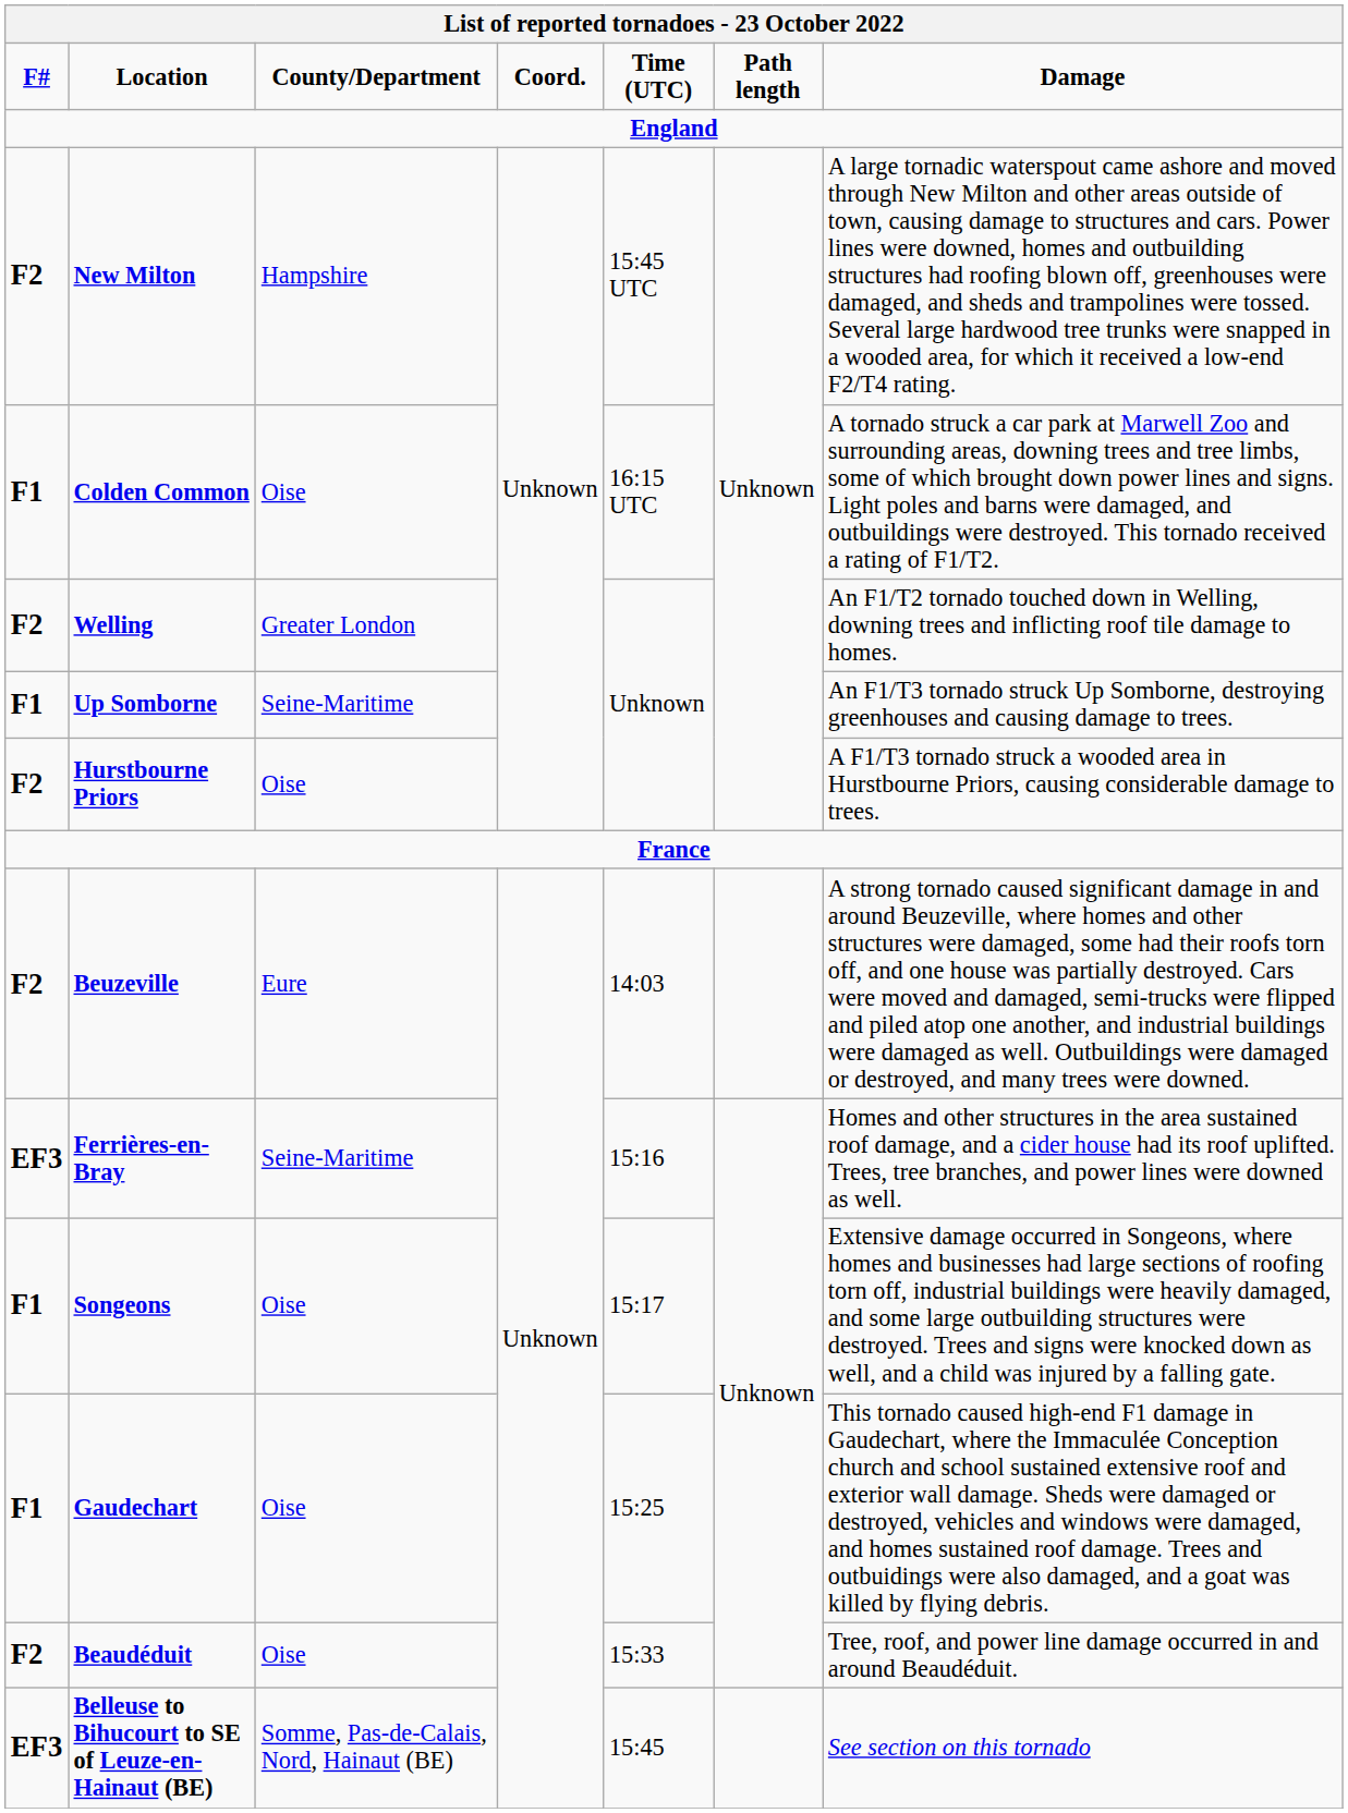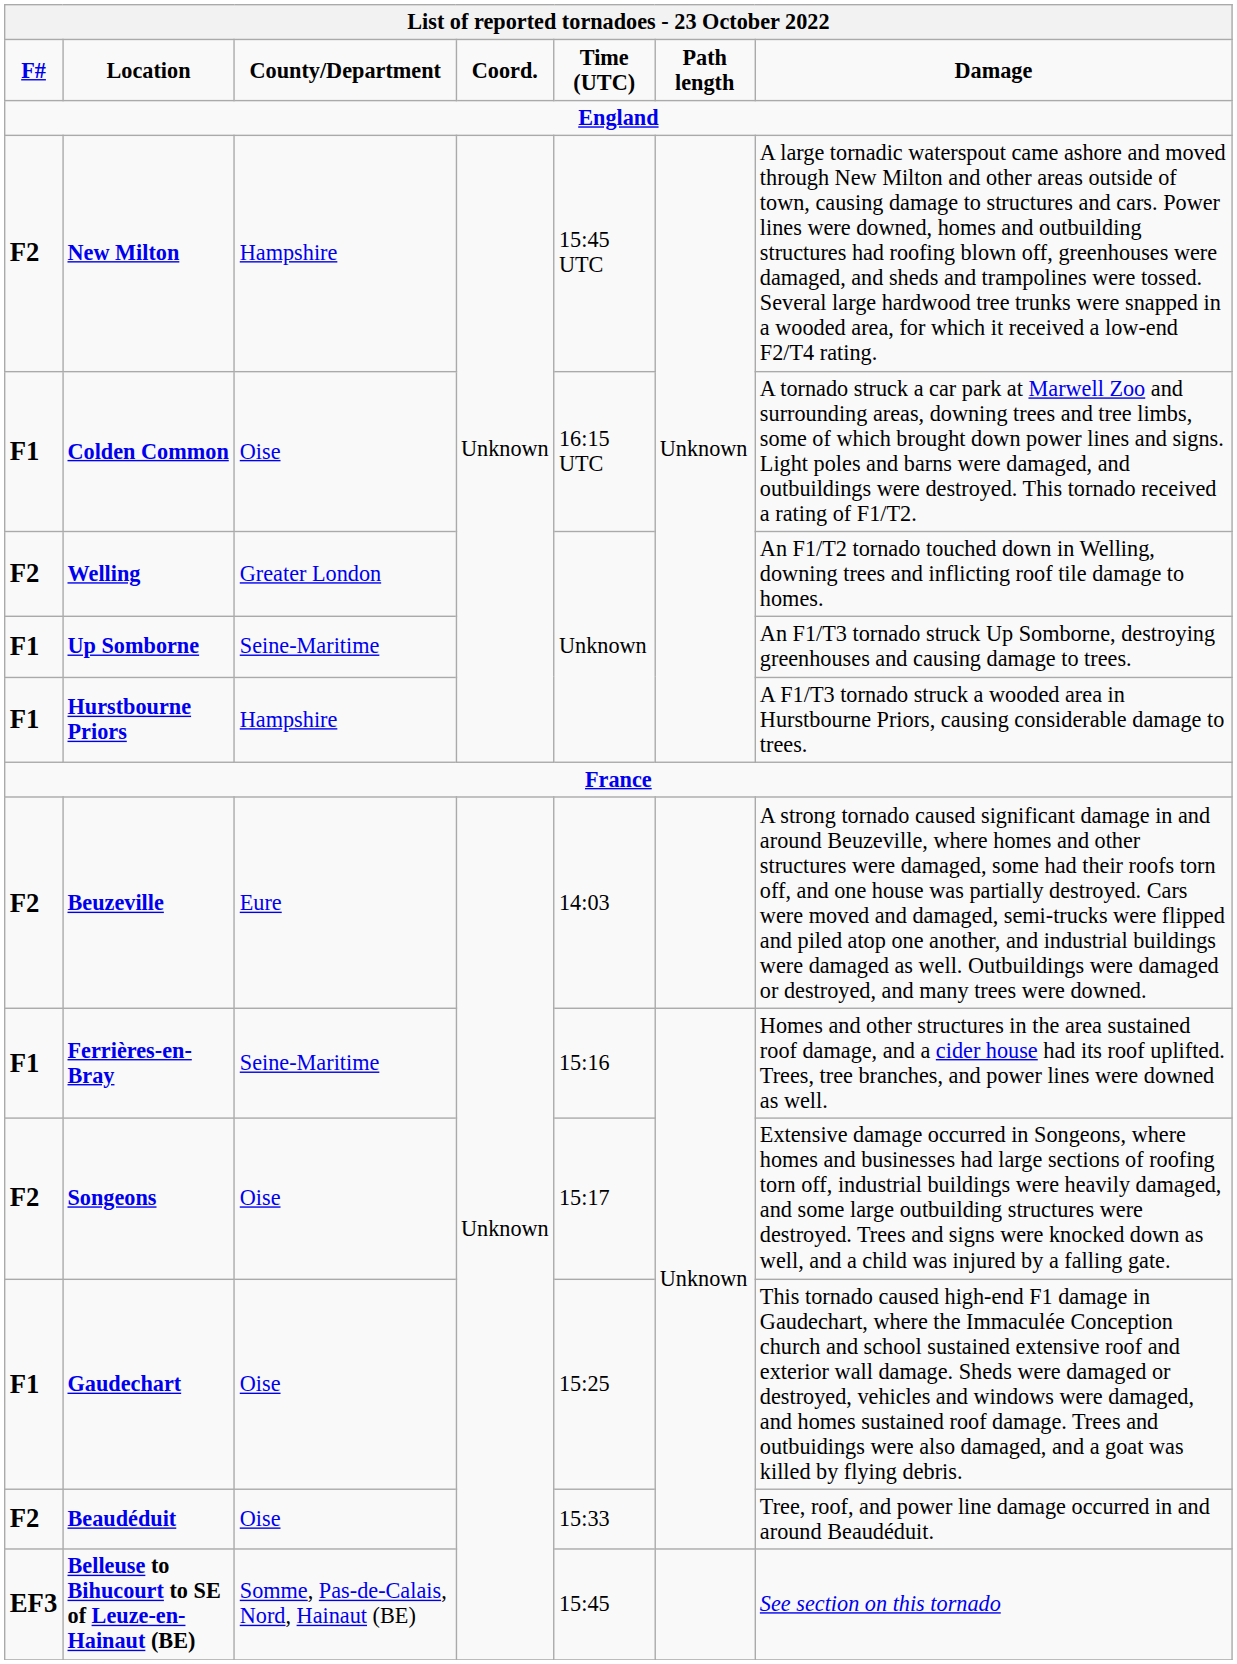 <table class="wikitable" width="100%">
 <tr>
 <th colspan="7">List of reported tornadoes -  23 October 2022</th>
 </tr>
 <tr>
 <td style="text-align: center;"><strong><a href='#'>F#</a></strong></td>
 <td style="text-align: center;"><strong>Location</strong></td>
 <td style="text-align: center;"><strong>County/Department</strong></td>
 <td style="text-align: center;"><strong>Coord.</strong></td>
 <td style="text-align: center;"><strong>Time (UTC)</strong></td>
 <td style="text-align: center;"><strong>Path length</strong></td>
 <td style="text-align: center;"><strong>Damage</strong></td>
 </tr>
 <tr>
 <td colspan="7" align=center><strong><a href='#'>England</a></strong></td>
 </tr>
 <tr>
 <td><big><strong>F2</strong></big></td>
 <td><strong><a href='#'>New Milton</a></strong></td>
 <td><a href='#'>Hampshire</a></td>
 <td rowspan="5">Unknown</td>
 <td>15:45 UTC</td>
 <td rowspan="5">Unknown</td>
 <td>A large tornadic waterspout came ashore and moved through New Milton and other areas outside of town, causing damage to structures and cars. Power lines were downed, homes and outbuilding structures had roofing blown off, greenhouses were damaged, and sheds and trampolines were tossed. Several large hardwood tree trunks were snapped in a wooded area, for which it received a low-end F2/T4 rating.</td>
 </tr>
 <tr>
 <td><big><strong>F1</strong></big></td>
 <td><strong><a href='#'>Colden Common</a></strong></td>
 <td><a href='#'>Oise</a></td>
 <td>16:15 UTC</td>
 <td>A tornado struck a car park at <a href='#'>Marwell Zoo</a> and surrounding areas, downing trees and tree limbs, some of which brought down power lines and signs. Light poles and barns were damaged, and outbuildings were destroyed. This tornado received a rating of F1/T2.</td>
 </tr>
 <tr>
 <td><big><strong>F2</strong></big></td>
 <td><strong><a href='#'>Welling</a></strong></td>
 <td><a href='#'>Greater London</a></td>
 <td rowspan="3">Unknown</td>
 <td>An F1/T2 tornado touched down in Welling, downing trees and inflicting roof tile damage to homes.</td>
 </tr>
 <tr>
 <td><big><strong>F1</strong></big></td>
 <td><strong><a href='#'>Up Somborne</a></strong></td>
 <td><a href='#'>Seine-Maritime</a></td>
 <td>An F1/T3 tornado struck Up Somborne, destroying greenhouses and causing damage to trees.</td>
 </tr>
 <tr>
-<td><big><strong>F2</strong></big></td>
+<td><big><strong>F1</strong></big></td>
 <td><strong><a href='#'>Hurstbourne Priors</a></strong></td>
-<td><a href='#'>Oise</a></td>
+<td><a href='#'>Hampshire</a></td>
 <td>A F1/T3 tornado struck a wooded area in Hurstbourne Priors, causing considerable damage to trees.</td>
 </tr>
 <tr>
 <td colspan="7" align=center><strong><a href='#'>France</a></strong></td>
 </tr>
 <tr>
 <td><big><strong>F2</strong></big></td>
 <td><strong><a href='#'>Beuzeville</a></strong></td>
 <td><a href='#'>Eure</a></td>
 <td rowspan="6">Unknown</td>
 <td>14:03</td>
 <td></td>
 <td>A strong tornado caused significant damage in and around Beuzeville, where homes and other structures were damaged, some had their roofs torn off, and one house was partially destroyed. Cars were moved and damaged, semi-trucks were flipped and piled atop one another, and industrial buildings were damaged as well. Outbuildings were damaged or destroyed, and many trees were downed.</td>
 </tr>
 <tr>
-<td><big><strong>EF3</strong></big></td>
+<td><big><strong>F1</strong></big></td>
 <td><strong><a href='#'>Ferrières-en-Bray</a></strong></td>
 <td><a href='#'>Seine-Maritime</a></td>
 <td>15:16</td>
 <td rowspan="4">Unknown</td>
 <td>Homes and other structures in the area sustained roof damage, and a <a href='#'>cider house</a> had its roof uplifted. Trees, tree branches, and power lines were downed as well.</td>
 </tr>
 <tr>
-<td><big><strong>F1</strong></big></td>
+<td><big><strong>F2</strong></big></td>
 <td><strong><a href='#'>Songeons</a></strong></td>
 <td><a href='#'>Oise</a></td>
 <td>15:17</td>
 <td>Extensive damage occurred in Songeons, where homes and businesses had large sections of roofing torn off, industrial buildings were heavily damaged, and some large outbuilding structures were destroyed. Trees and signs were knocked down as well, and a child was injured by a falling gate.</td>
 </tr>
 <tr>
 <td><big><strong>F1</strong></big></td>
 <td><strong><a href='#'>Gaudechart</a></strong></td>
 <td><a href='#'>Oise</a></td>
 <td>15:25</td>
 <td>This tornado caused high-end F1 damage in Gaudechart, where the Immaculée Conception church and school sustained extensive roof and exterior wall damage. Sheds were damaged or destroyed, vehicles and windows were damaged, and homes sustained roof damage. Trees and outbuidings were also damaged, and a goat was killed by flying debris.</td>
 </tr>
 <tr>
 <td><big><strong>F2</strong></big></td>
 <td><strong><a href='#'>Beaudéduit</a></strong></td>
 <td><a href='#'>Oise</a></td>
 <td>15:33</td>
 <td>Tree, roof, and power line damage occurred in and around Beaudéduit.</td>
 </tr>
 <tr>
 <td><big><strong>EF3</strong></big></td>
 <td><strong><a href='#'>Belleuse</a> to <a href='#'>Bihucourt</a> to SE of <a href='#'>Leuze-en-Hainaut</a> (BE)</strong></td>
 <td><a href='#'>Somme</a>, <a href='#'>Pas-de-Calais</a>, <a href='#'>Nord</a>, <a href='#'>Hainaut</a> (BE)</td>
 <td>15:45</td>
 <td></td>
 <td><a href='#'><em>See section on this tornado</em></a></td>
 </tr>
 <tr>
 </tr>
 </table>
